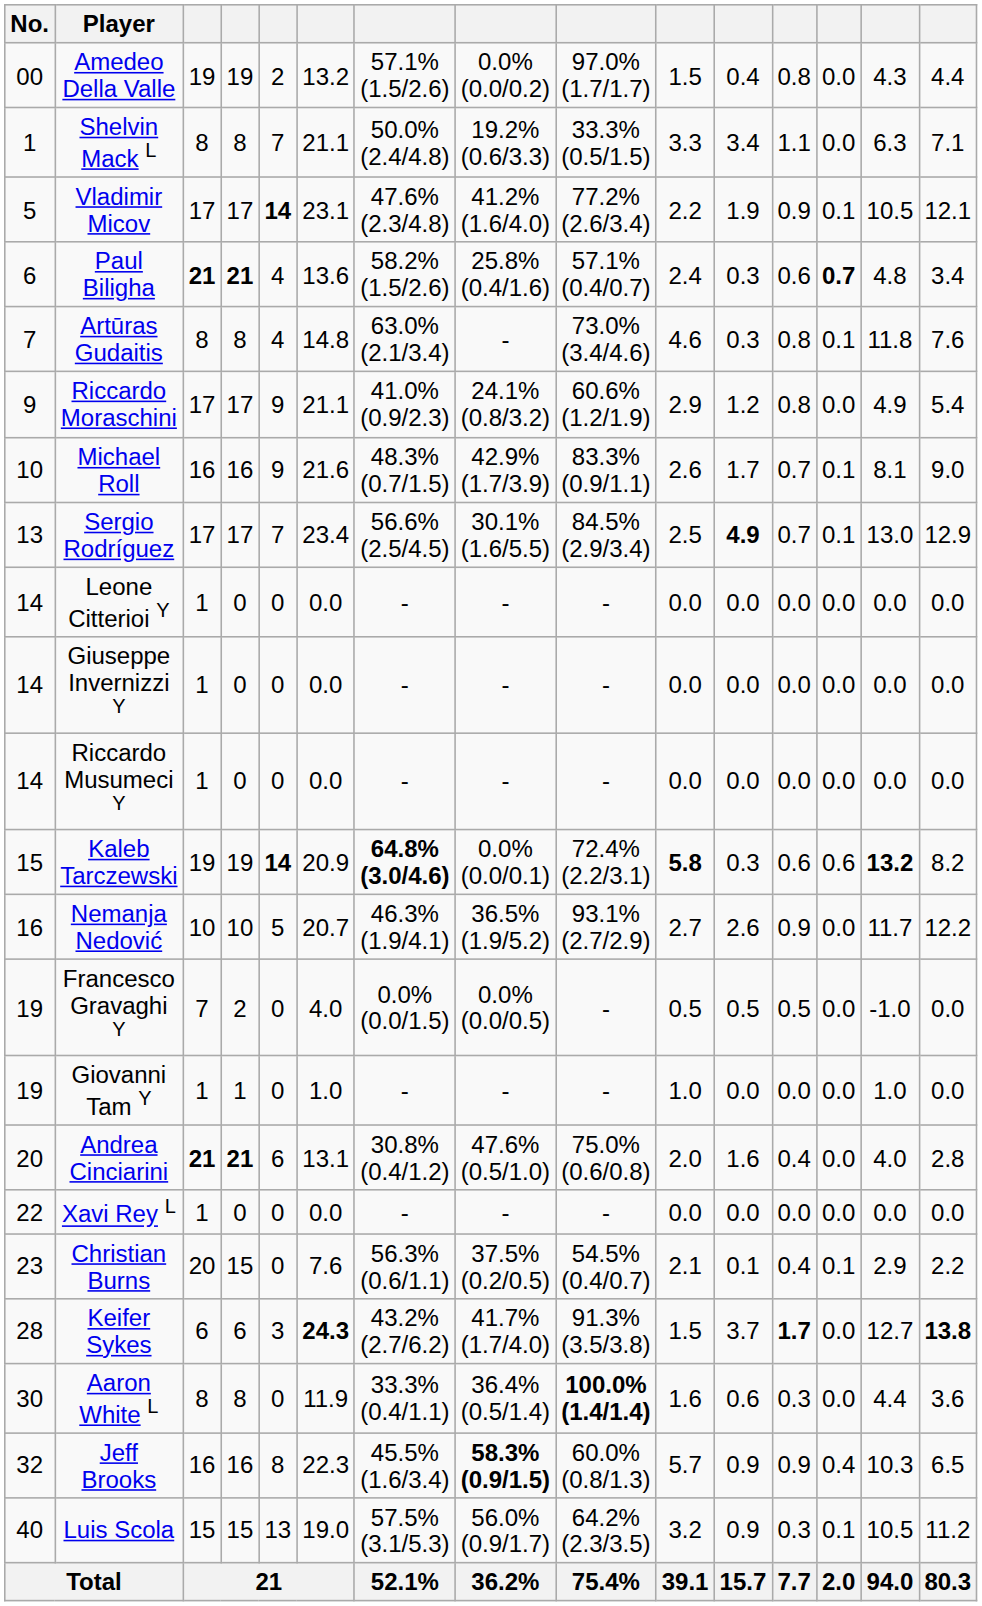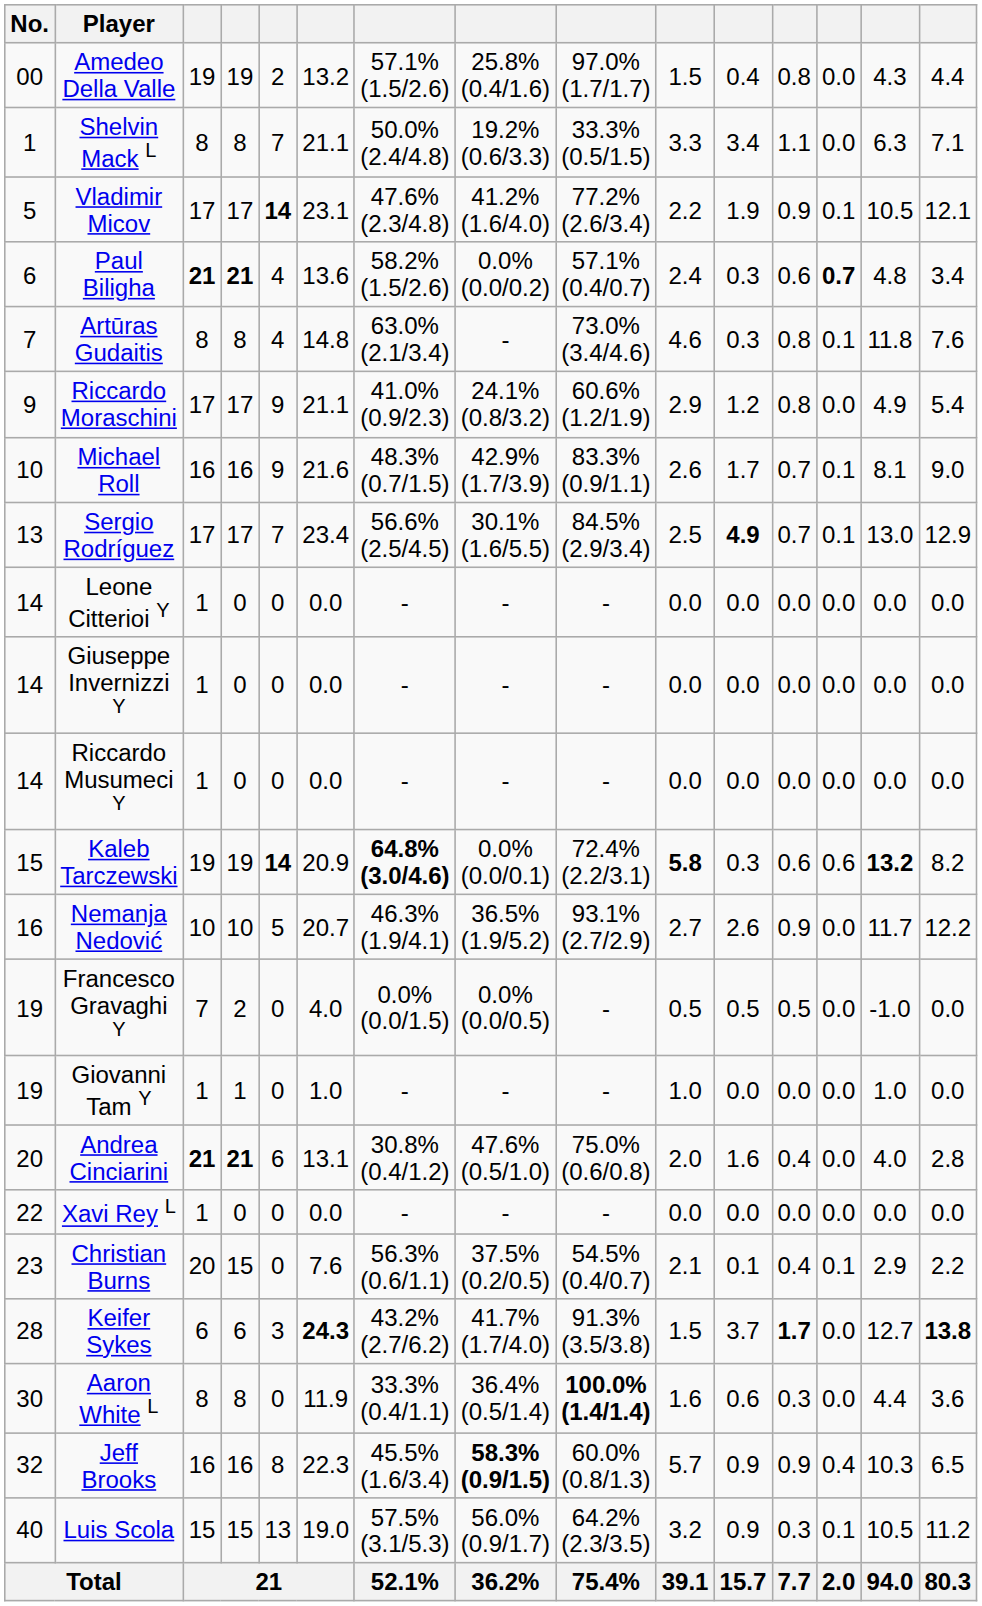 <table class="wikitable sortable" style="text-align:center; font-size:95%">
 <tr>
 <th>No.</th>
 <th>Player</th>
 <th></th>
 <th></th>
 <th></th>
 <th></th>
 <th></th>
 <th></th>
 <th></th>
 <th></th>
 <th></th>
 <th></th>
 <th></th>
 <th></th>
 <th></th>
 </tr>
 <tr>
 <td>00</td>
 <td><a href='#'>Amedeo Della Valle</a></td>
 <td>19</td>
 <td>19</td>
 <td>2</td>
 <td>13.2</td>
 <td>57.1% (1.5/2.6)</td>
-<td>0.0% (0.0/0.2)</td>
+<td>25.8% (0.4/1.6)</td>
 <td>97.0% (1.7/1.7)</td>
 <td>1.5</td>
 <td>0.4</td>
 <td>0.8</td>
 <td>0.0</td>
 <td>4.3</td>
 <td>4.4</td>
 </tr>
 <tr>
 <td>1</td>
 <td><a href='#'>Shelvin Mack</a> <sup>L</sup></td>
 <td>8</td>
 <td>8</td>
 <td>7</td>
 <td>21.1</td>
 <td>50.0% (2.4/4.8)</td>
 <td>19.2% (0.6/3.3)</td>
 <td>33.3% (0.5/1.5)</td>
 <td>3.3</td>
 <td>3.4</td>
 <td>1.1</td>
 <td>0.0</td>
 <td>6.3</td>
 <td>7.1</td>
 </tr>
 <tr>
 <td>5</td>
 <td><a href='#'>Vladimir Micov</a></td>
 <td>17</td>
 <td>17</td>
 <td><strong>14</strong></td>
 <td>23.1</td>
 <td>47.6% (2.3/4.8)</td>
 <td>41.2% (1.6/4.0)</td>
 <td>77.2% (2.6/3.4)</td>
 <td>2.2</td>
 <td>1.9</td>
 <td>0.9</td>
 <td>0.1</td>
 <td>10.5</td>
 <td>12.1</td>
 </tr>
 <tr>
 <td>6</td>
 <td><a href='#'>Paul Biligha</a></td>
 <td><strong>21</strong></td>
 <td><strong>21</strong></td>
 <td>4</td>
 <td>13.6</td>
 <td>58.2% (1.5/2.6)</td>
-<td>25.8% (0.4/1.6)</td>
+<td>0.0% (0.0/0.2)</td>
 <td>57.1% (0.4/0.7)</td>
 <td>2.4</td>
 <td>0.3</td>
 <td>0.6</td>
 <td><strong>0.7</strong></td>
 <td>4.8</td>
 <td>3.4</td>
 </tr>
 <tr>
 <td>7</td>
 <td><a href='#'>Artūras Gudaitis</a></td>
 <td>8</td>
 <td>8</td>
 <td>4</td>
 <td>14.8</td>
 <td>63.0% (2.1/3.4)</td>
 <td>-</td>
 <td>73.0% (3.4/4.6)</td>
 <td>4.6</td>
 <td>0.3</td>
 <td>0.8</td>
 <td>0.1</td>
 <td>11.8</td>
 <td>7.6</td>
 </tr>
 <tr>
 <td>9</td>
 <td><a href='#'>Riccardo Moraschini</a></td>
 <td>17</td>
 <td>17</td>
 <td>9</td>
 <td>21.1</td>
 <td>41.0% (0.9/2.3)</td>
 <td>24.1% (0.8/3.2)</td>
 <td>60.6% (1.2/1.9)</td>
 <td>2.9</td>
 <td>1.2</td>
 <td>0.8</td>
 <td>0.0</td>
 <td>4.9</td>
 <td>5.4</td>
 </tr>
 <tr>
 <td>10</td>
 <td><a href='#'>Michael Roll</a></td>
 <td>16</td>
 <td>16</td>
 <td>9</td>
 <td>21.6</td>
 <td>48.3% (0.7/1.5)</td>
 <td>42.9% (1.7/3.9)</td>
 <td>83.3% (0.9/1.1)</td>
 <td>2.6</td>
 <td>1.7</td>
 <td>0.7</td>
 <td>0.1</td>
 <td>8.1</td>
 <td>9.0</td>
 </tr>
 <tr>
 <td>13</td>
 <td><a href='#'>Sergio Rodríguez</a></td>
 <td>17</td>
 <td>17</td>
 <td>7</td>
 <td>23.4</td>
 <td>56.6% (2.5/4.5)</td>
 <td>30.1% (1.6/5.5)</td>
 <td>84.5% (2.9/3.4)</td>
 <td>2.5</td>
 <td><strong>4.9</strong></td>
 <td>0.7</td>
 <td>0.1</td>
 <td>13.0</td>
 <td>12.9</td>
 </tr>
 <tr>
 <td>14</td>
 <td>Leone Citterioi <sup>Y</sup></td>
 <td>1</td>
 <td>0</td>
 <td>0</td>
 <td>0.0</td>
 <td>-</td>
 <td>-</td>
 <td>-</td>
 <td>0.0</td>
 <td>0.0</td>
 <td>0.0</td>
 <td>0.0</td>
 <td>0.0</td>
 <td>0.0</td>
 </tr>
 <tr>
 <td>14</td>
 <td>Giuseppe Invernizzi <sup>Y</sup></td>
 <td>1</td>
 <td>0</td>
 <td>0</td>
 <td>0.0</td>
 <td>-</td>
 <td>-</td>
 <td>-</td>
 <td>0.0</td>
 <td>0.0</td>
 <td>0.0</td>
 <td>0.0</td>
 <td>0.0</td>
 <td>0.0</td>
 </tr>
 <tr>
 <td>14</td>
 <td>Riccardo Musumeci <sup>Y</sup></td>
 <td>1</td>
 <td>0</td>
 <td>0</td>
 <td>0.0</td>
 <td>-</td>
 <td>-</td>
 <td>-</td>
 <td>0.0</td>
 <td>0.0</td>
 <td>0.0</td>
 <td>0.0</td>
 <td>0.0</td>
 <td>0.0</td>
 </tr>
 <tr>
 <td>15</td>
 <td><a href='#'>Kaleb Tarczewski</a></td>
 <td>19</td>
 <td>19</td>
 <td><strong>14</strong></td>
 <td>20.9</td>
 <td><strong>64.8% (3.0/4.6)</strong></td>
 <td>0.0% (0.0/0.1)</td>
 <td>72.4% (2.2/3.1)</td>
 <td><strong>5.8</strong></td>
 <td>0.3</td>
 <td>0.6</td>
 <td>0.6</td>
 <td><strong>13.2</strong></td>
 <td>8.2</td>
 </tr>
 <tr>
 <td>16</td>
 <td><a href='#'>Nemanja Nedović</a></td>
 <td>10</td>
 <td>10</td>
 <td>5</td>
 <td>20.7</td>
 <td>46.3% (1.9/4.1)</td>
 <td>36.5% (1.9/5.2)</td>
 <td>93.1% (2.7/2.9)</td>
 <td>2.7</td>
 <td>2.6</td>
 <td>0.9</td>
 <td>0.0</td>
 <td>11.7</td>
 <td>12.2</td>
 </tr>
 <tr>
 <td>19</td>
 <td>Francesco Gravaghi <sup>Y</sup></td>
 <td>7</td>
 <td>2</td>
 <td>0</td>
 <td>4.0</td>
 <td>0.0% (0.0/1.5)</td>
 <td>0.0% (0.0/0.5)</td>
 <td>-</td>
 <td>0.5</td>
 <td>0.5</td>
 <td>0.5</td>
 <td>0.0</td>
 <td>-1.0</td>
 <td>0.0</td>
 </tr>
 <tr>
 <td>19</td>
 <td>Giovanni Tam <sup>Y</sup></td>
 <td>1</td>
 <td>1</td>
 <td>0</td>
 <td>1.0</td>
 <td>-</td>
 <td>-</td>
 <td>-</td>
 <td>1.0</td>
 <td>0.0</td>
 <td>0.0</td>
 <td>0.0</td>
 <td>1.0</td>
 <td>0.0</td>
 </tr>
 <tr>
 <td>20</td>
 <td><a href='#'>Andrea Cinciarini</a></td>
 <td><strong>21</strong></td>
 <td><strong>21</strong></td>
 <td>6</td>
 <td>13.1</td>
 <td>30.8% (0.4/1.2)</td>
 <td>47.6% (0.5/1.0)</td>
 <td>75.0% (0.6/0.8)</td>
 <td>2.0</td>
 <td>1.6</td>
 <td>0.4</td>
 <td>0.0</td>
 <td>4.0</td>
 <td>2.8</td>
 </tr>
 <tr>
 <td>22</td>
 <td><a href='#'>Xavi Rey</a> <sup>L</sup></td>
 <td>1</td>
 <td>0</td>
 <td>0</td>
 <td>0.0</td>
 <td>-</td>
 <td>-</td>
 <td>-</td>
 <td>0.0</td>
 <td>0.0</td>
 <td>0.0</td>
 <td>0.0</td>
 <td>0.0</td>
 <td>0.0</td>
 </tr>
 <tr>
 <td>23</td>
 <td><a href='#'>Christian Burns</a></td>
 <td>20</td>
 <td>15</td>
 <td>0</td>
 <td>7.6</td>
 <td>56.3% (0.6/1.1)</td>
 <td>37.5% (0.2/0.5)</td>
 <td>54.5% (0.4/0.7)</td>
 <td>2.1</td>
 <td>0.1</td>
 <td>0.4</td>
 <td>0.1</td>
 <td>2.9</td>
 <td>2.2</td>
 </tr>
 <tr>
 <td>28</td>
 <td><a href='#'>Keifer Sykes</a></td>
 <td>6</td>
 <td>6</td>
 <td>3</td>
 <td><strong>24.3</strong></td>
 <td>43.2% (2.7/6.2)</td>
 <td>41.7% (1.7/4.0)</td>
 <td>91.3% (3.5/3.8)</td>
 <td>1.5</td>
 <td>3.7</td>
 <td><strong>1.7</strong></td>
 <td>0.0</td>
 <td>12.7</td>
 <td><strong>13.8</strong></td>
 </tr>
 <tr>
 <td>30</td>
 <td><a href='#'>Aaron White</a> <sup>L</sup></td>
 <td>8</td>
 <td>8</td>
 <td>0</td>
 <td>11.9</td>
 <td>33.3% (0.4/1.1)</td>
 <td>36.4% (0.5/1.4)</td>
 <td><strong>100.0% (1.4/1.4)</strong></td>
 <td>1.6</td>
 <td>0.6</td>
 <td>0.3</td>
 <td>0.0</td>
 <td>4.4</td>
 <td>3.6</td>
 </tr>
 <tr>
 <td>32</td>
 <td><a href='#'>Jeff Brooks</a></td>
 <td>16</td>
 <td>16</td>
 <td>8</td>
 <td>22.3</td>
 <td>45.5% (1.6/3.4)</td>
 <td><strong>58.3% (0.9/1.5)</strong></td>
 <td>60.0% (0.8/1.3)</td>
 <td>5.7</td>
 <td>0.9</td>
 <td>0.9</td>
 <td>0.4</td>
 <td>10.3</td>
 <td>6.5</td>
 </tr>
 <tr>
 <td>40</td>
 <td><a href='#'>Luis Scola</a></td>
 <td>15</td>
 <td>15</td>
 <td>13</td>
 <td>19.0</td>
 <td>57.5% (3.1/5.3)</td>
 <td>56.0% (0.9/1.7)</td>
 <td>64.2% (2.3/3.5)</td>
 <td>3.2</td>
 <td>0.9</td>
 <td>0.3</td>
 <td>0.1</td>
 <td>10.5</td>
 <td>11.2</td>
 </tr>
 <tr class="sortbottom">
 <th colspan=2>Total</th>
 <th colspan=4>21</th>
 <th>52.1%</th>
 <th>36.2%</th>
 <th>75.4%</th>
 <th>39.1</th>
 <th>15.7</th>
 <th>7.7</th>
 <th>2.0</th>
 <th>94.0</th>
 <th>80.3</th>
 </tr>
 </table>
